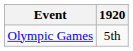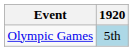 <table class="wikitable">
 <tr>
 <th>Event</th>
 <th>1920</th>
 </tr>
 <tr>
 <td><a href='#'>Olympic Games</a></td>
-<td align="center">5th</td>
+<td align="center" style="background: lightblue;">5th</td>
 </tr>
 </table>
